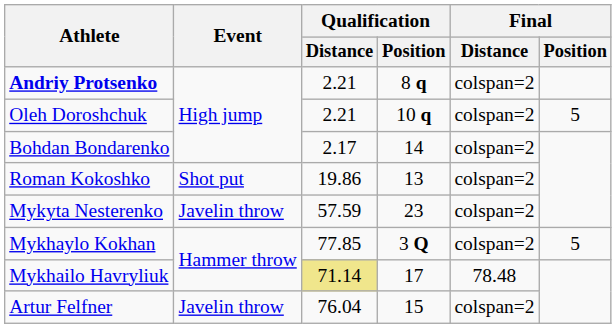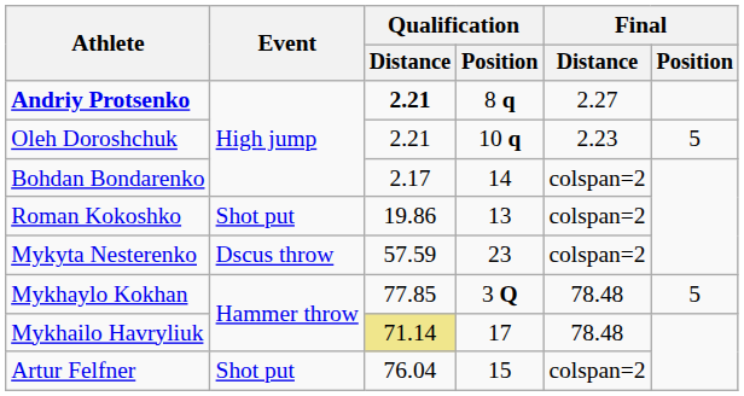 <table class="wikitable" style="font-size:90%">
 <tr>
 <th rowspan="2">Athlete</th>
 <th rowspan="2">Event</th>
 <th colspan="2">Qualification</th>
 <th colspan="2">Final</th>
 </tr>
 <tr style="font-size:95%">
 <th>Distance</th>
 <th>Position</th>
 <th>Distance</th>
 <th>Position</th>
 </tr>
 <tr align="center">
 <td align="left"><strong><a href='#'>Andriy Protsenko</a></strong></td>
 <td rowspan="3" align="left"><a href='#'>High jump</a></td>
-<td>2.21</td>
+<td><strong>2.21</strong></td>
 <td>8 <strong>q</strong></td>
-<td>colspan=2 </td>
+<td>2.27</td>
 <td></td>
 </tr>
 <tr align="center">
 <td align="left"><a href='#'>Oleh Doroshchuk</a></td>
 <td>2.21</td>
 <td>10 <strong>q</strong></td>
-<td>colspan=2 </td>
+<td>2.23</td>
 <td>5</td>
 </tr>
 <tr align="center">
 <td align="left"><a href='#'>Bohdan Bondarenko</a></td>
 <td>2.17</td>
 <td>14</td>
 <td>colspan=2 </td>
 </tr>
 <tr align="center">
 <td align="left"><a href='#'>Roman Kokoshko</a></td>
 <td align="left"><a href='#'>Shot put</a></td>
 <td>19.86</td>
 <td>13</td>
 <td>colspan=2 </td>
 </tr>
 <tr align="center">
 <td align="left"><a href='#'>Mykyta Nesterenko</a></td>
-<td align="left"><a href='#'>Javelin throw</a></td>
+<td align="left"><a href='#'>Dscus throw</a></td>
 <td>57.59</td>
 <td>23</td>
 <td>colspan=2 </td>
 </tr>
 <tr align="center">
 <td align="left"><a href='#'>Mykhaylo Kokhan</a></td>
 <td rowspan="2" align="left"><a href='#'>Hammer throw</a></td>
 <td>77.85</td>
 <td>3 <strong>Q</strong></td>
-<td>colspan=2 </td>
+<td>78.48</td>
 <td>5</td>
 </tr>
 <tr align="center">
 <td align="left"><a href='#'>Mykhailo Havryliuk</a></td>
 <td style="background: khaki;">71.14</td>
 <td>17</td>
 <td>78.48</td>
 </tr>
 <tr align="center">
 <td align="left"><a href='#'>Artur Felfner</a></td>
-<td align="left"><a href='#'>Javelin throw</a></td>
+<td align="left"><a href='#'>Shot put</a></td>
 <td>76.04</td>
 <td>15</td>
 <td>colspan=2 </td>
 </tr>
 </table>
